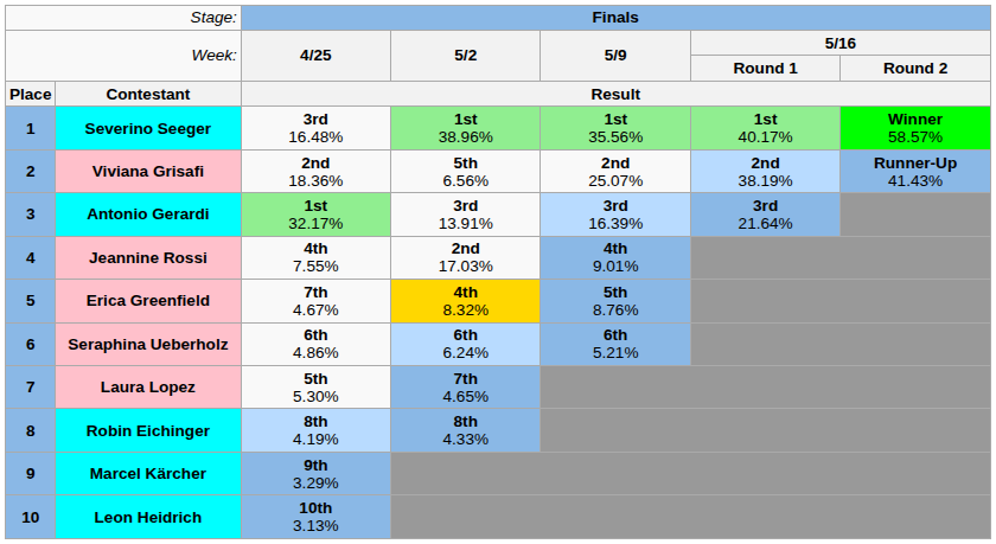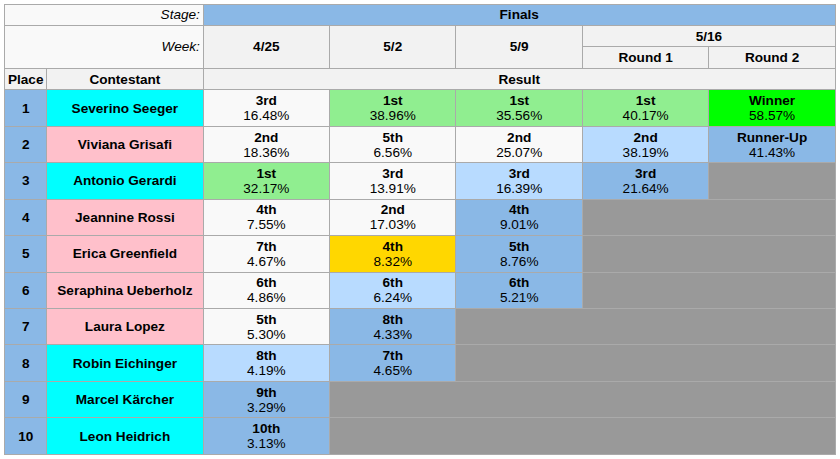 <table class="wikitable" style="text-align:center; font-size:85%; margin:1em auto;">
 <tr>
 <td colspan="2" style="text-align:right;"><em>Stage:</em></td>
 <td colspan="5" style="background:#8ab8e6;"><strong>Finals</strong></td>
 </tr>
 <tr>
 <td colspan="2" style="text-align:right;" rowspan=2><em>Week:</em></td>
 <th style="width:120px;" rowspan=2>4/25</th>
 <th style="width:120px;" rowspan=2>5/2</th>
 <th style="width:120px;" rowspan=2>5/9</th>
 <th style="width:120px;" colspan=2>5/16</th>
 </tr>
 <tr>
 <th style="width:120px;" rowspan=1>Round 1</th>
 <th style="width:120px;" rowspan=1>Round 2</th>
 </tr>
 <tr>
 <th style="width:35px;">Place</th>
 <th style="width:150px;">Contestant</th>
 <th colspan="5">Result</th>
 </tr>
 <tr>
 <td style="background:#8ab8e6;"><strong>1</strong></td>
 <td style="background:cyan;"><strong>Severino Seeger</strong></td>
 <td><strong>3rd</strong><br>16.48%</td>
 <td style="background:lightgreen;"><strong>1st</strong><br>38.96%</td>
 <td style="background:lightgreen;"><strong>1st</strong><br>35.56%</td>
 <td style="background:lightgreen;"><strong>1st</strong><br>40.17%</td>
 <td style="background:lime;"><strong>Winner</strong><br>58.57%</td>
 </tr>
 <tr>
 <td style="background:#8ab8e6;"><strong>2</strong></td>
 <td style="background:pink;"><strong>Viviana Grisafi</strong></td>
 <td><strong>2nd</strong><br>18.36%</td>
 <td><strong>5th</strong><br>6.56%</td>
 <td><strong>2nd</strong><br>25.07%</td>
 <td style="background:#b8dbff;"><strong>2nd</strong><br>38.19%</td>
 <td style="background:#8ab8e6;"><strong>Runner-Up</strong><br>41.43%</td>
 </tr>
 <tr>
 <td style="background:#8ab8e6;"><strong>3</strong></td>
 <td style="background:cyan;"><strong>Antonio Gerardi</strong></td>
 <td style="background:lightgreen;"><strong>1st</strong><br>32.17%</td>
 <td><strong>3rd</strong><br>13.91%</td>
 <td style="background:#b8dbff;"><strong>3rd</strong><br>16.39%</td>
 <td style="background:#8ab8e6;"><strong>3rd</strong><br>21.64%</td>
 <td style="background:#999999;" colspan=1></td>
 </tr>
 <tr>
 <td style="background:#8ab8e6;"><strong>4</strong></td>
 <td style="background:pink;"><strong>Jeannine Rossi</strong></td>
 <td><strong>4th</strong><br>7.55%</td>
 <td><strong>2nd</strong><br>17.03%</td>
 <td style="background:#8ab8e6;"><strong>4th</strong><br>9.01%</td>
 <td style="background:#999999;" colspan=2></td>
 </tr>
 <tr>
 <td style="background:#8ab8e6;"><strong>5</strong></td>
 <td style="background:pink;"><strong>Erica Greenfield</strong></td>
 <td><strong>7th</strong><br>4.67%</td>
 <td style="background: gold;"><strong>4th</strong><br>8.32%</td>
 <td style="background:#8ab8e6;"><strong>5th</strong><br>8.76%</td>
 <td style="background:#999999;" colspan=2></td>
 </tr>
 <tr>
 <td style="background:#8ab8e6;"><strong>6</strong></td>
 <td style="background:pink;"><strong>Seraphina Ueberholz</strong></td>
 <td><strong>6th</strong><br>4.86%</td>
 <td style="background:#b8dbff;"><strong>6th</strong><br>6.24%</td>
 <td style="background:#8ab8e6;"><strong>6th</strong><br>5.21%</td>
 <td style="background:#999999;" colspan=2></td>
 </tr>
 <tr>
 <td style="background:#8ab8e6;"><strong>7</strong></td>
 <td style="background:pink;"><strong>Laura Lopez</strong></td>
 <td><strong>5th</strong><br>5.30%</td>
-<td style="background:#8ab8e6;"><strong>7th</strong><br>4.65%</td>
+<td style="background:#8ab8e6;"><strong>8th</strong><br>4.33%</td>
 <td style="background:#999999;" colspan=3></td>
 </tr>
 <tr>
 <td style="background:#8ab8e6;"><strong>8</strong></td>
 <td style="background:cyan;"><strong>Robin Eichinger</strong></td>
 <td style="background:#b8dbff;"><strong>8th</strong><br>4.19%</td>
-<td style="background:#8ab8e6;"><strong>8th</strong><br>4.33%</td>
+<td style="background:#8ab8e6;"><strong>7th</strong><br>4.65%</td>
 <td style="background:#999999;" colspan=3></td>
 </tr>
 <tr>
 <td style="background:#8ab8e6;"><strong>9</strong></td>
 <td style="background:cyan;"><strong>Marcel Kärcher</strong></td>
 <td style="background:#8ab8e6;"><strong>9th</strong><br>3.29%</td>
 <td style="background:#999999;" colspan=4></td>
 </tr>
 <tr>
 <td style="background:#8ab8e6;"><strong>10</strong></td>
 <td style="background:cyan;"><strong>Leon Heidrich</strong></td>
 <td style="background:#8ab8e6;"><strong>10th</strong><br>3.13%</td>
 <td style="background:#999999;" colspan=4></td>
 </tr>
 </table>
